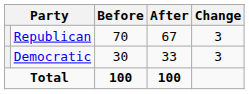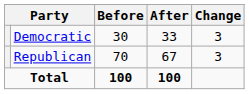 <table class="wikitable" style="text-align:center;">
 <tr>
 </tr>
 <tr>
 <th colspan=2>Party</th>
 <th>Before</th>
 <th>After</th>
 <th>Change</th>
 </tr>
 <tr>
 <th style="background-color:"></th>
-<td style="text-align:left;"><a href='#'>Republican</a></td>
-<td>70</td>
-<td>67</td>
+<td style="text-align:left;"><a href='#'>Democratic</a></td>
+<td>30</td>
+<td>33</td>
 <td> 3</td>
 </tr>
 <tr>
 <th style="background-color:"></th>
-<td style="text-align:left;"><a href='#'>Democratic</a></td>
-<td>30</td>
-<td>33</td>
+<td style="text-align:left;"><a href='#'>Republican</a></td>
+<td>70</td>
+<td>67</td>
 <td> 3</td>
 </tr>
 <tr>
 <td colspan=2><strong>Total</strong></td>
 <td><strong>100</strong></td>
 <td><strong>100</strong></td>
 <td></td>
 </tr>
 </table>
